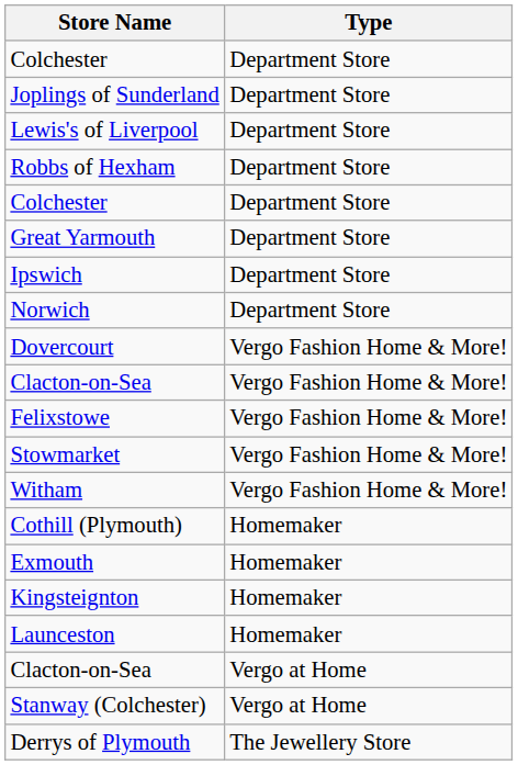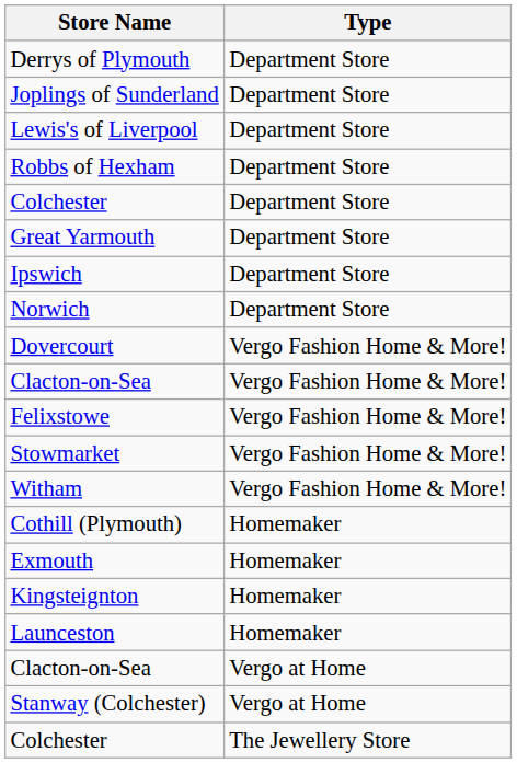 <table class="wikitable">
 <tr>
 <th>Store Name</th>
 <th>Type</th>
 </tr>
 <tr>
-<td>Colchester</td>
+<td>Derrys of <a href='#'>Plymouth</a></td>
 <td>Department Store</td>
 </tr>
 <tr>
 <td><a href='#'>Joplings</a> of <a href='#'>Sunderland</a></td>
 <td>Department Store</td>
 </tr>
 <tr>
 <td><a href='#'>Lewis's</a> of <a href='#'>Liverpool</a></td>
 <td>Department Store</td>
 </tr>
 <tr>
 <td><a href='#'>Robbs</a> of <a href='#'>Hexham</a></td>
 <td>Department Store</td>
 </tr>
 <tr>
 <td><a href='#'>Colchester</a></td>
 <td>Department Store</td>
 </tr>
 <tr>
 <td><a href='#'>Great Yarmouth</a></td>
 <td>Department Store</td>
 </tr>
 <tr>
 <td><a href='#'>Ipswich</a></td>
 <td>Department Store</td>
 </tr>
 <tr>
 <td><a href='#'>Norwich</a></td>
 <td>Department Store</td>
 </tr>
 <tr>
 <td><a href='#'>Dovercourt</a></td>
 <td>Vergo Fashion Home & More!</td>
 </tr>
 <tr>
 <td><a href='#'>Clacton-on-Sea</a></td>
 <td>Vergo Fashion Home & More!</td>
 </tr>
 <tr>
 <td><a href='#'>Felixstowe</a></td>
 <td>Vergo Fashion Home & More!</td>
 </tr>
 <tr>
 <td><a href='#'>Stowmarket</a></td>
 <td>Vergo Fashion Home & More!</td>
 </tr>
 <tr>
 <td><a href='#'>Witham</a></td>
 <td>Vergo Fashion Home & More!</td>
 </tr>
 <tr>
 <td><a href='#'>Cothill</a> (Plymouth)</td>
 <td>Homemaker</td>
 </tr>
 <tr>
 <td><a href='#'>Exmouth</a></td>
 <td>Homemaker</td>
 </tr>
 <tr>
 <td><a href='#'>Kingsteignton</a></td>
 <td>Homemaker</td>
 </tr>
 <tr>
 <td><a href='#'>Launceston</a></td>
 <td>Homemaker</td>
 </tr>
 <tr>
 <td>Clacton-on-Sea</td>
 <td>Vergo at Home</td>
 </tr>
 <tr>
 <td><a href='#'>Stanway</a> (Colchester)</td>
 <td>Vergo at Home</td>
 </tr>
 <tr>
-<td>Derrys of <a href='#'>Plymouth</a></td>
+<td>Colchester</td>
 <td>The Jewellery Store</td>
 </tr>
 </table>
